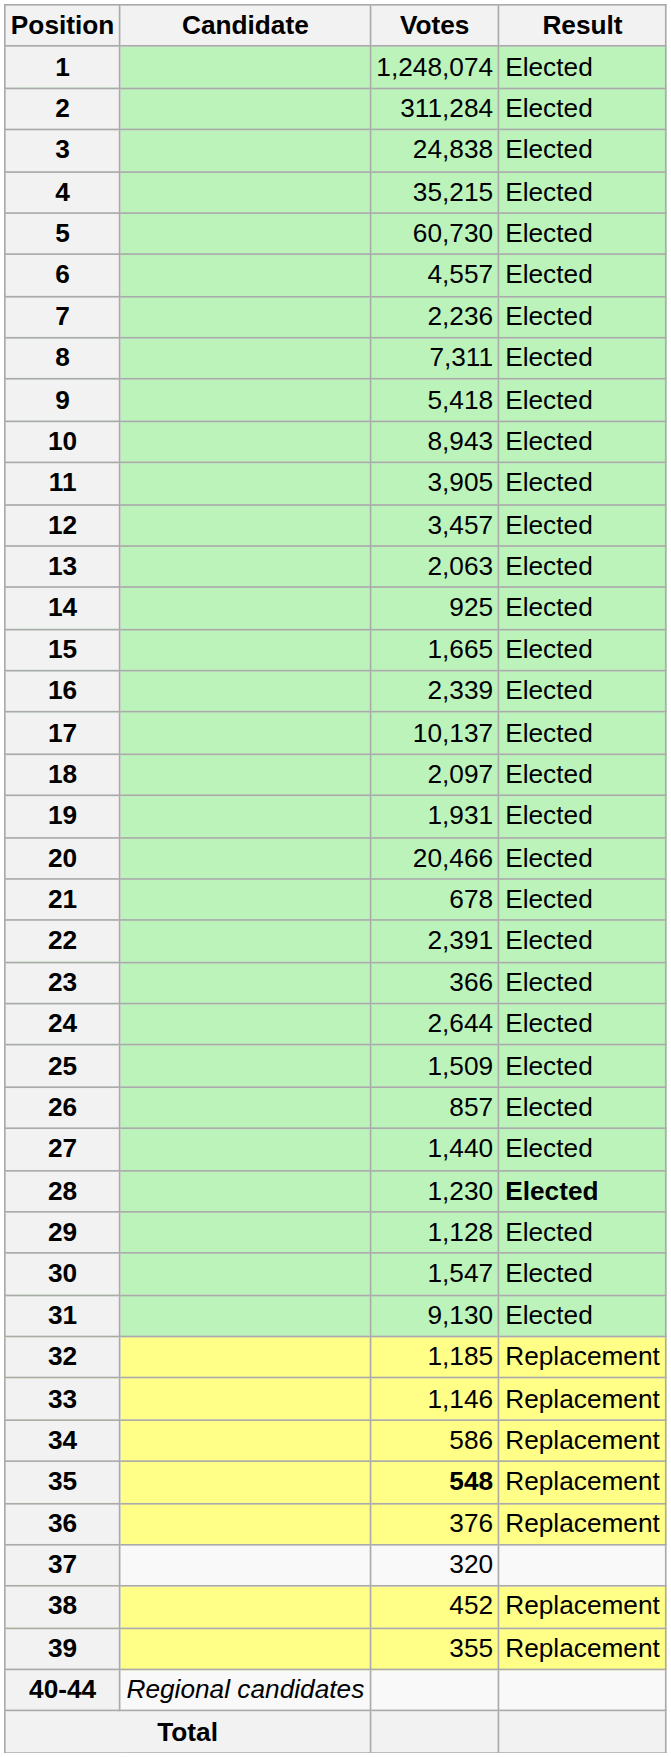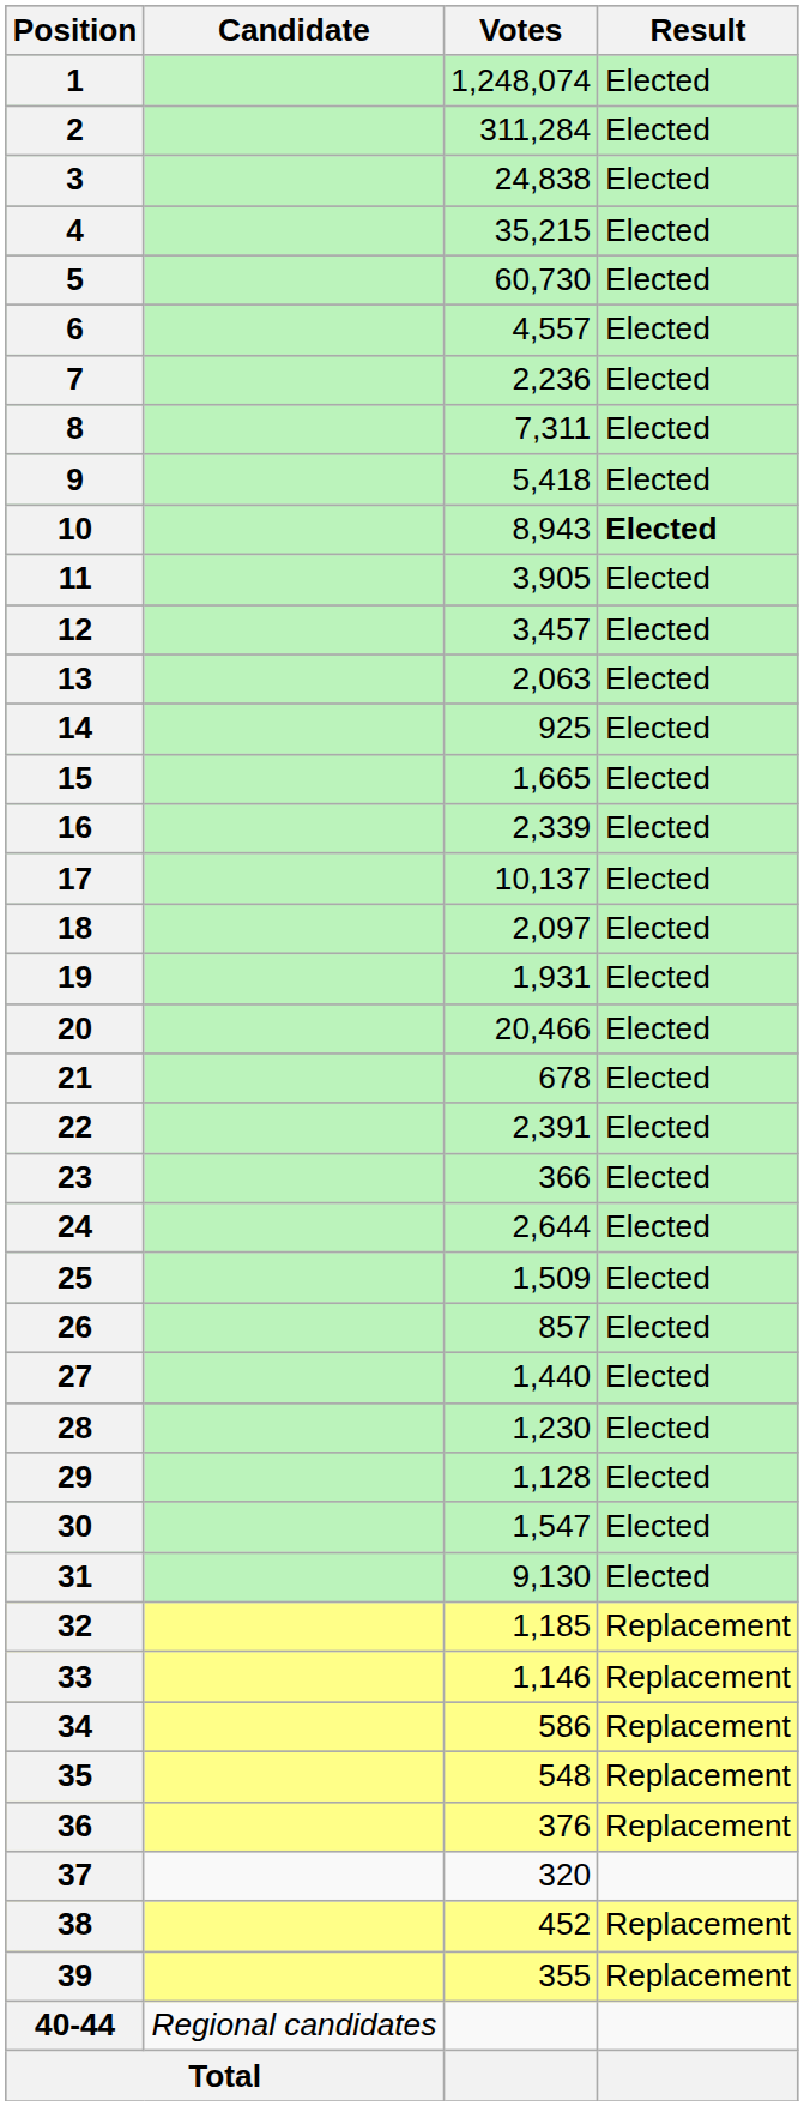 <table class="wikitable sortable">
 <tr>
 <th scope="col">Position</th>
 <th scope="col">Candidate</th>
 <th scope="col">Votes</th>
 <th scope="col">Result</th>
 </tr>
 <tr bgcolor=bbf3bb>
 <th scope="row">1</th>
 <td></td>
 <td style="text-align:right">1,248,074</td>
 <td>Elected</td>
 </tr>
 <tr bgcolor=bbf3bb>
 <th scope="row">2</th>
 <td></td>
 <td style="text-align:right">311,284</td>
 <td>Elected</td>
 </tr>
 <tr bgcolor=bbf3bb>
 <th scope="row">3</th>
 <td></td>
 <td style="text-align:right">24,838</td>
 <td>Elected</td>
 </tr>
 <tr bgcolor=bbf3bb>
 <th scope="row">4</th>
 <td></td>
 <td style="text-align:right">35,215</td>
 <td>Elected</td>
 </tr>
 <tr bgcolor=bbf3bb>
 <th scope="row">5</th>
 <td></td>
 <td style="text-align:right">60,730</td>
 <td>Elected</td>
 </tr>
 <tr bgcolor=bbf3bb>
 <th scope="row">6</th>
 <td></td>
 <td style="text-align:right">4,557</td>
 <td>Elected</td>
 </tr>
 <tr bgcolor=bbf3bb>
 <th scope="row">7</th>
 <td></td>
 <td style="text-align:right">2,236</td>
 <td>Elected</td>
 </tr>
 <tr bgcolor=bbf3bb>
 <th scope="row">8</th>
 <td></td>
 <td style="text-align:right">7,311</td>
 <td>Elected</td>
 </tr>
 <tr bgcolor=bbf3bb>
 <th scope="row">9</th>
 <td></td>
 <td style="text-align:right">5,418</td>
 <td>Elected</td>
 </tr>
 <tr bgcolor=bbf3bb>
 <th scope="row">10</th>
 <td></td>
 <td style="text-align:right">8,943</td>
-<td>Elected</td>
+<td><strong>Elected</strong></td>
 </tr>
 <tr bgcolor=bbf3bb>
 <th scope="row">11</th>
 <td></td>
 <td style="text-align:right">3,905</td>
 <td>Elected</td>
 </tr>
 <tr bgcolor=bbf3bb>
 <th scope="row">12</th>
 <td></td>
 <td style="text-align:right">3,457</td>
 <td>Elected</td>
 </tr>
 <tr bgcolor=bbf3bb>
 <th scope="row">13</th>
 <td></td>
 <td style="text-align:right">2,063</td>
 <td>Elected</td>
 </tr>
 <tr bgcolor=bbf3bb>
 <th scope="row">14</th>
 <td></td>
 <td style="text-align:right">925</td>
 <td>Elected</td>
 </tr>
 <tr bgcolor=bbf3bb>
 <th scope="row">15</th>
 <td></td>
 <td style="text-align:right">1,665</td>
 <td>Elected</td>
 </tr>
 <tr bgcolor=bbf3bb>
 <th scope="row">16</th>
 <td></td>
 <td style="text-align:right">2,339</td>
 <td>Elected</td>
 </tr>
 <tr bgcolor=bbf3bb>
 <th scope="row">17</th>
 <td></td>
 <td style="text-align:right">10,137</td>
 <td>Elected</td>
 </tr>
 <tr bgcolor=bbf3bb>
 <th scope="row">18</th>
 <td></td>
 <td style="text-align:right">2,097</td>
 <td>Elected</td>
 </tr>
 <tr bgcolor=bbf3bb>
 <th scope="row">19</th>
 <td></td>
 <td style="text-align:right">1,931</td>
 <td>Elected</td>
 </tr>
 <tr bgcolor=bbf3bb>
 <th scope="row">20</th>
 <td></td>
 <td style="text-align:right">20,466</td>
 <td>Elected</td>
 </tr>
 <tr bgcolor=bbf3bb>
 <th scope="row">21</th>
 <td></td>
 <td style="text-align:right">678</td>
 <td>Elected</td>
 </tr>
 <tr bgcolor=bbf3bb>
 <th scope="row">22</th>
 <td></td>
 <td style="text-align:right">2,391</td>
 <td>Elected</td>
 </tr>
 <tr bgcolor=bbf3bb>
 <th scope="row">23</th>
 <td></td>
 <td style="text-align:right">366</td>
 <td>Elected</td>
 </tr>
 <tr bgcolor=bbf3bb>
 <th scope="row">24</th>
 <td></td>
 <td style="text-align:right">2,644</td>
 <td>Elected</td>
 </tr>
 <tr bgcolor=bbf3bb>
 <th scope="row">25</th>
 <td></td>
 <td style="text-align:right">1,509</td>
 <td>Elected</td>
 </tr>
 <tr bgcolor=bbf3bb>
 <th scope="row">26</th>
 <td></td>
 <td style="text-align:right">857</td>
 <td>Elected</td>
 </tr>
 <tr bgcolor=bbf3bb>
 <th scope="row">27</th>
 <td></td>
 <td style="text-align:right">1,440</td>
 <td>Elected</td>
 </tr>
 <tr bgcolor=bbf3bb>
 <th scope="row">28</th>
 <td></td>
 <td style="text-align:right">1,230</td>
-<td><strong>Elected</strong></td>
+<td>Elected</td>
 </tr>
 <tr bgcolor=bbf3bb>
 <th scope="row">29</th>
 <td></td>
 <td style="text-align:right">1,128</td>
 <td>Elected</td>
 </tr>
 <tr bgcolor=bbf3bb>
 <th scope="row">30</th>
 <td></td>
 <td style="text-align:right">1,547</td>
 <td>Elected</td>
 </tr>
 <tr bgcolor=bbf3bb>
 <th scope="row">31</th>
 <td></td>
 <td style="text-align:right">9,130</td>
 <td>Elected</td>
 </tr>
 <tr bgcolor=#FF8>
 <th scope="row">32</th>
 <td></td>
 <td style="text-align:right">1,185</td>
 <td>Replacement</td>
 </tr>
 <tr bgcolor=#FF8>
 <th scope="row">33</th>
 <td></td>
 <td style="text-align:right">1,146</td>
 <td>Replacement</td>
 </tr>
 <tr bgcolor=#FF8>
 <th scope="row">34</th>
 <td></td>
 <td style="text-align:right">586</td>
 <td>Replacement</td>
 </tr>
 <tr bgcolor=#FF8>
 <th scope="row">35</th>
 <td></td>
-<td style="text-align:right"><strong>548</strong></td>
+<td style="text-align:right">548</td>
 <td>Replacement</td>
 </tr>
 <tr bgcolor=#FF8>
 <th scope="row">36</th>
 <td></td>
 <td style="text-align:right">376</td>
 <td>Replacement</td>
 </tr>
 <tr>
 <th scope="row">37</th>
 <td></td>
 <td style="text-align:right">320</td>
 <td></td>
 </tr>
 <tr bgcolor=#FF8>
 <th scope="row">38</th>
 <td></td>
 <td style="text-align:right">452</td>
 <td>Replacement</td>
 </tr>
 <tr bgcolor=#FF8>
 <th scope="row">39</th>
 <td></td>
 <td style="text-align:right">355</td>
 <td>Replacement</td>
 </tr>
 <tr>
 <th scope="row">40-44</th>
 <td><em>Regional candidates</em></td>
 <td style="text-align:right"></td>
 <td></td>
 </tr>
 <tr class="sortbottom">
 <th scope="row" colspan="2">Total</th>
 <th style="text-align:right"></th>
 <th></th>
 </tr>
 </table>
